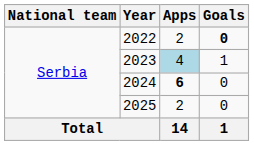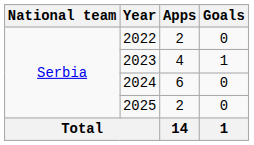 <table class="wikitable" style="text-align:center">
 <tr>
 <th>National team</th>
 <th>Year</th>
 <th>Apps</th>
 <th>Goals</th>
 </tr>
 <tr>
 <td rowspan="4"><a href='#'>Serbia</a></td>
 <td>2022</td>
 <td>2</td>
-<td><strong>0</strong></td>
+<td>0</td>
 </tr>
 <tr>
 <td>2023</td>
-<td style="background: lightblue;">4</td>
+<td>4</td>
 <td>1</td>
 </tr>
 <tr>
 <td>2024</td>
-<td><strong>6</strong></td>
+<td>6</td>
 <td>0</td>
 </tr>
 <tr>
 <td>2025</td>
 <td>2</td>
 <td>0</td>
 </tr>
 <tr>
 <th colspan="2">Total</th>
 <th>14</th>
 <th>1</th>
 </tr>
 </table>
